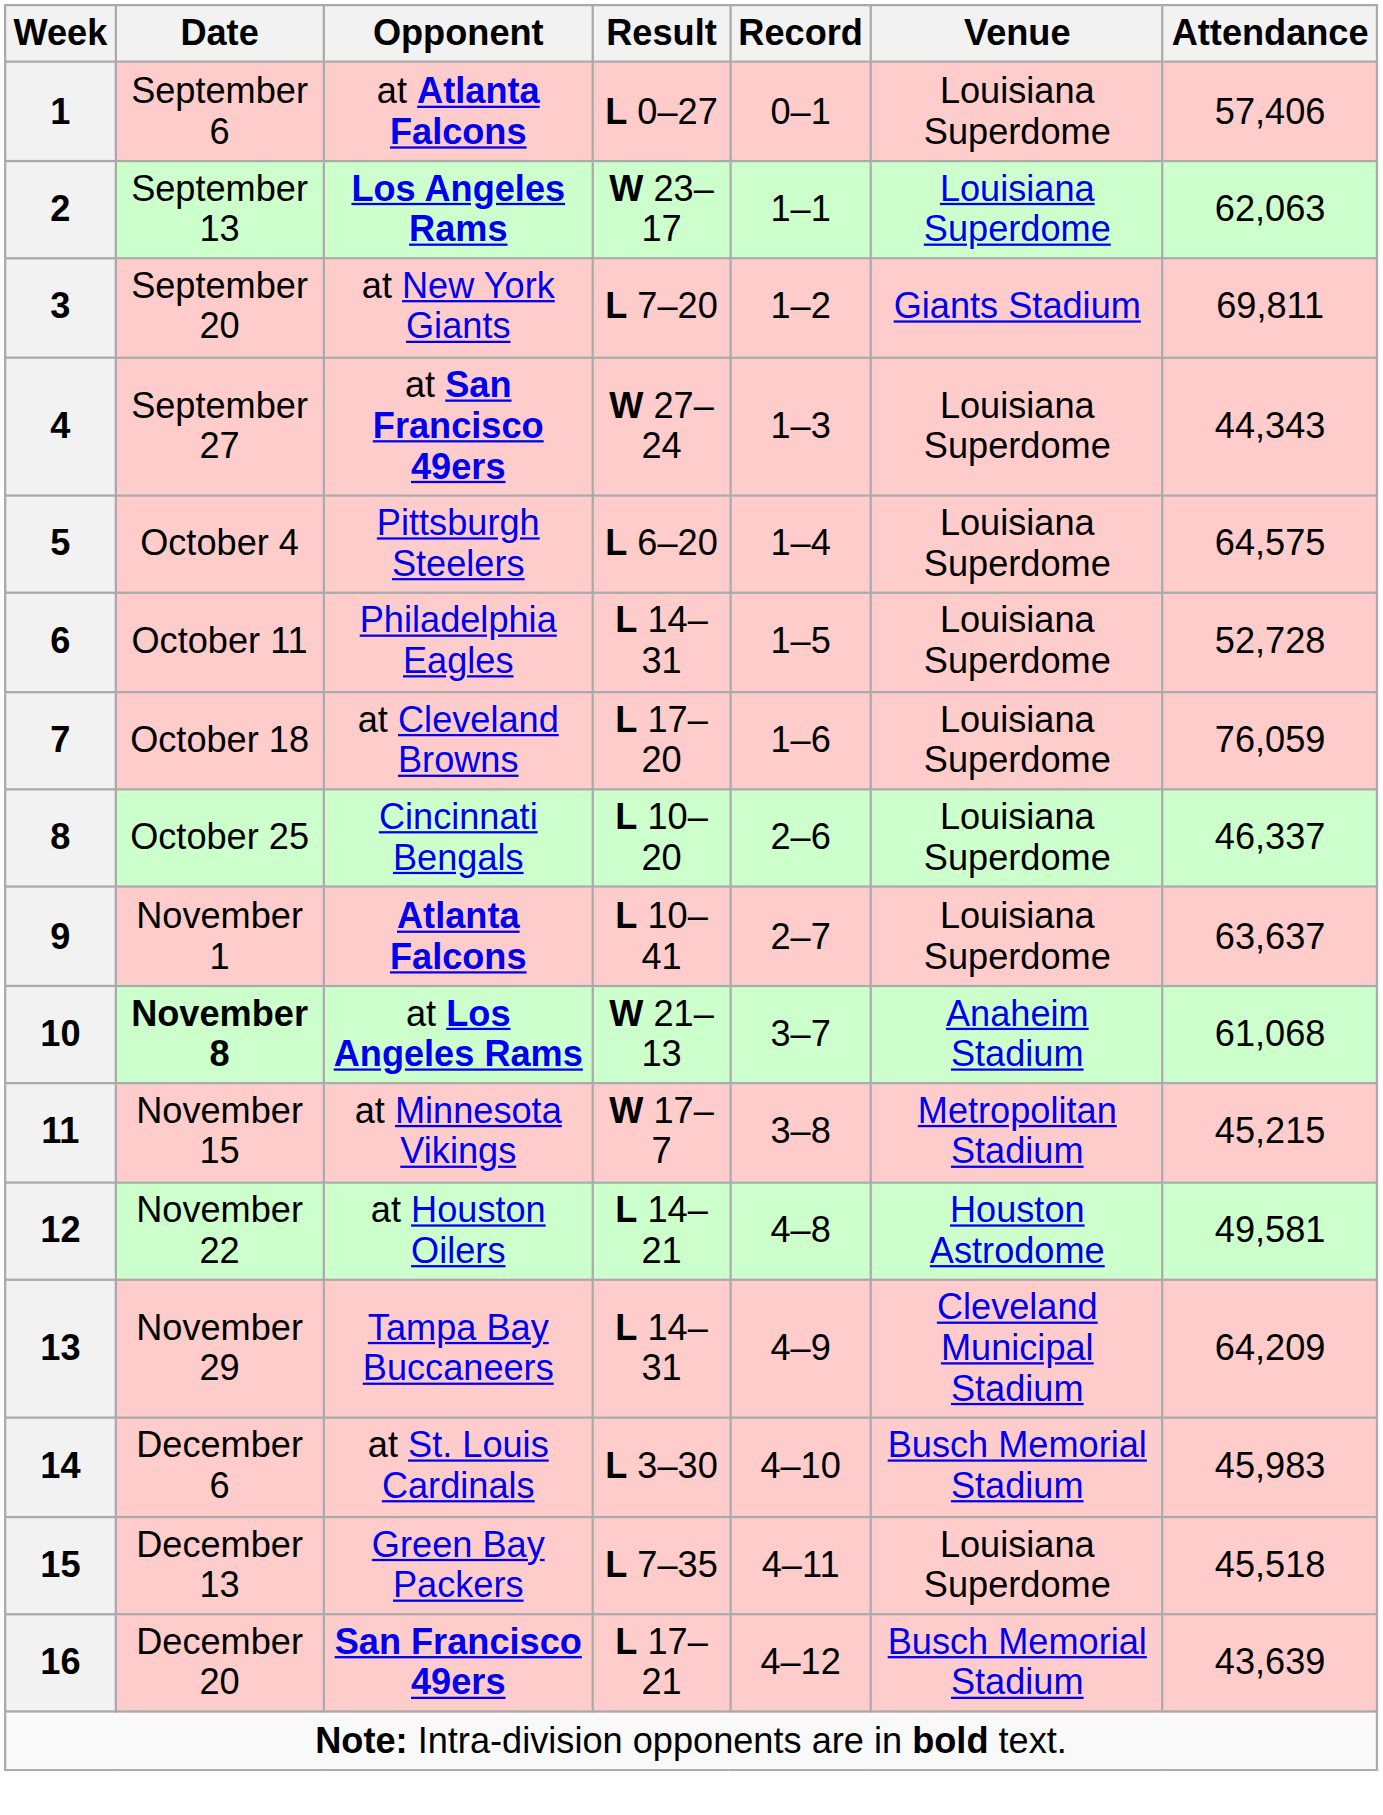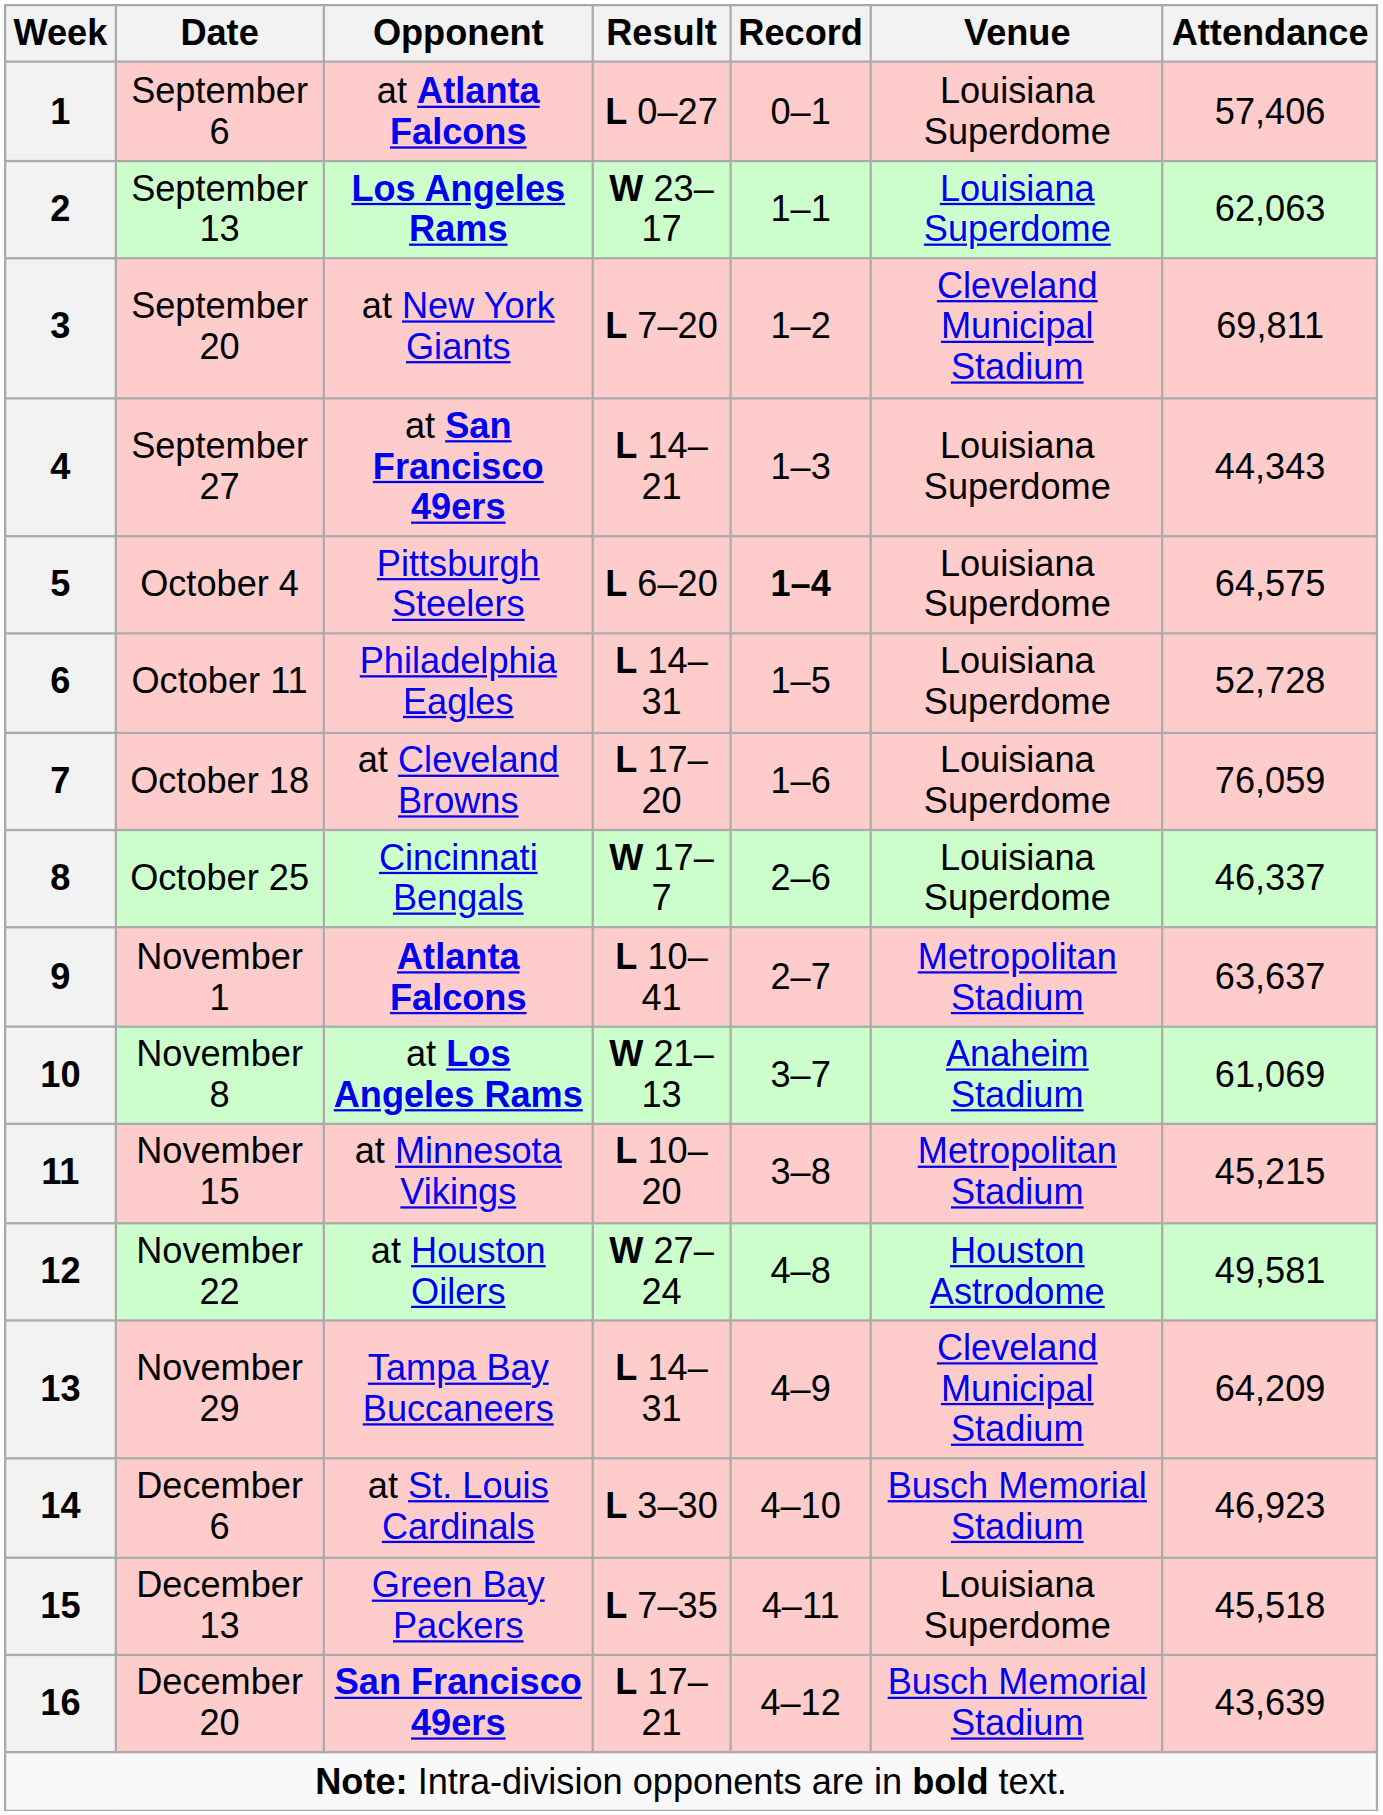 <table class="wikitable" style="text-align:center">
 <tr>
 <th>Week</th>
 <th>Date</th>
 <th>Opponent</th>
 <th>Result</th>
 <th>Record</th>
 <th>Venue</th>
 <th>Attendance</th>
 </tr>
 <tr style="background:#fcc">
 <th>1</th>
 <td>September 6</td>
 <td>at <strong><a href='#'>Atlanta Falcons</a></strong></td>
 <td><strong>L</strong> 0–27</td>
 <td>0–1</td>
 <td>Louisiana Superdome</td>
 <td>57,406</td>
 </tr>
 <tr style="background:#cfc">
 <th>2</th>
 <td>September 13</td>
 <td><strong><a href='#'>Los Angeles Rams</a></strong></td>
 <td><strong>W</strong> 23–17</td>
 <td>1–1</td>
 <td><a href='#'>Louisiana Superdome</a></td>
 <td>62,063</td>
 </tr>
 <tr style="background:#fcc">
 <th>3</th>
 <td>September 20</td>
 <td>at <a href='#'>New York Giants</a></td>
 <td><strong>L</strong> 7–20</td>
 <td>1–2</td>
-<td><a href='#'>Giants Stadium</a></td>
+<td><a href='#'>Cleveland Municipal Stadium</a></td>
 <td>69,811</td>
 </tr>
 <tr style="background:#fcc">
 <th>4</th>
 <td>September 27</td>
 <td>at <strong><a href='#'>San Francisco 49ers</a></strong></td>
-<td><strong>W</strong> 27–24</td>
+<td><strong>L</strong> 14–21</td>
 <td>1–3</td>
 <td>Louisiana Superdome</td>
 <td>44,343</td>
 </tr>
 <tr style="background:#fcc">
 <th>5</th>
 <td>October 4</td>
 <td><a href='#'>Pittsburgh Steelers</a></td>
 <td><strong>L</strong> 6–20</td>
-<td>1–4</td>
+<td><strong>1–4</strong></td>
 <td>Louisiana Superdome</td>
 <td>64,575</td>
 </tr>
 <tr style="background:#fcc">
 <th>6</th>
 <td>October 11</td>
 <td><a href='#'>Philadelphia Eagles</a></td>
 <td><strong>L</strong> 14–31</td>
 <td>1–5</td>
 <td>Louisiana Superdome</td>
 <td>52,728</td>
 </tr>
 <tr style="background:#fcc">
 <th>7</th>
 <td>October 18</td>
 <td>at <a href='#'>Cleveland Browns</a></td>
 <td><strong>L</strong> 17–20</td>
 <td>1–6</td>
 <td>Louisiana Superdome</td>
 <td>76,059</td>
 </tr>
 <tr style="background:#cfc">
 <th>8</th>
 <td>October 25</td>
 <td><a href='#'>Cincinnati Bengals</a></td>
-<td><strong>L</strong> 10–20</td>
+<td><strong>W</strong> 17–7</td>
 <td>2–6</td>
 <td>Louisiana Superdome</td>
 <td>46,337</td>
 </tr>
 <tr style="background:#fcc">
 <th>9</th>
 <td>November 1</td>
 <td><strong><a href='#'>Atlanta Falcons</a></strong></td>
 <td><strong>L</strong> 10–41</td>
 <td>2–7</td>
-<td>Louisiana Superdome</td>
+<td><a href='#'>Metropolitan Stadium</a></td>
 <td>63,637</td>
 </tr>
 <tr style="background:#cfc">
 <th>10</th>
-<td><strong>November 8</strong></td>
+<td>November 8</td>
 <td>at <strong><a href='#'>Los Angeles Rams</a></strong></td>
 <td><strong>W</strong> 21–13</td>
 <td>3–7</td>
 <td><a href='#'>Anaheim Stadium</a></td>
-<td>61,068</td>
+<td>61,069</td>
 </tr>
 <tr style="background:#fcc">
 <th>11</th>
 <td>November 15</td>
 <td>at <a href='#'>Minnesota Vikings</a></td>
-<td><strong>W</strong> 17–7</td>
+<td><strong>L</strong> 10–20</td>
 <td>3–8</td>
 <td><a href='#'>Metropolitan Stadium</a></td>
 <td>45,215</td>
 </tr>
 <tr style="background:#cfc">
 <th>12</th>
 <td>November 22</td>
 <td>at <a href='#'>Houston Oilers</a></td>
-<td><strong>L</strong> 14–21</td>
+<td><strong>W</strong> 27–24</td>
 <td>4–8</td>
 <td><a href='#'>Houston Astrodome</a></td>
 <td>49,581</td>
 </tr>
 <tr style="background:#fcc">
 <th>13</th>
 <td>November 29</td>
 <td><a href='#'>Tampa Bay Buccaneers</a></td>
 <td><strong>L</strong> 14–31</td>
 <td>4–9</td>
 <td><a href='#'>Cleveland Municipal Stadium</a></td>
 <td>64,209</td>
 </tr>
 <tr style="background:#fcc">
 <th>14</th>
 <td>December 6</td>
 <td>at <a href='#'>St. Louis Cardinals</a></td>
 <td><strong>L</strong> 3–30</td>
 <td>4–10</td>
 <td><a href='#'>Busch Memorial Stadium</a></td>
-<td>45,983</td>
+<td>46,923</td>
 </tr>
 <tr style="background:#fcc">
 <th>15</th>
 <td>December 13</td>
 <td><a href='#'>Green Bay Packers</a></td>
 <td><strong>L</strong> 7–35</td>
 <td>4–11</td>
 <td>Louisiana Superdome</td>
 <td>45,518</td>
 </tr>
 <tr style="background:#fcc">
 <th>16</th>
 <td>December 20</td>
 <td><strong><a href='#'>San Francisco 49ers</a></strong></td>
 <td><strong>L</strong> 17–21</td>
 <td>4–12</td>
 <td><a href='#'>Busch Memorial Stadium</a></td>
 <td>43,639</td>
 </tr>
 <tr>
 <td colspan="7"><strong>Note:</strong> Intra-division opponents are in <strong>bold</strong> text.</td>
 </tr>
 </table>
